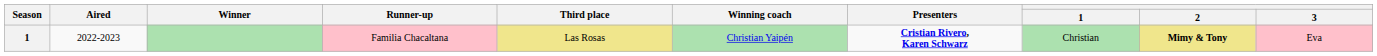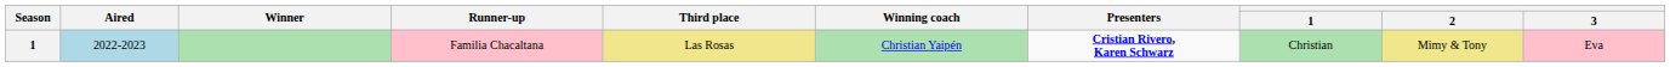 <table class="wikitable" style="text-align:center; font-size:90%; line-height:16px; width:100%">
 <tr>
 <th rowspan="2" scope="col" width="02%">Season</th>
 <th rowspan="2" scope="col" width="05%">Aired</th>
 <th rowspan="2" scope="col" width="09%">Winner</th>
 <th rowspan="2" scope="col" width="09%">Runner-up</th>
 <th rowspan="2" scope="col" width="09%">Third place</th>
 <th rowspan="2" scope="col" width="09%">Winning coach</th>
 <th rowspan="2" scope="col" width="09%">Presenters</th>
 <th colspan="3" scope="col" width="18%"></th>
 </tr>
 <tr>
 <th width="06%">1</th>
 <th width="06%">2</th>
 <th width="06%">3</th>
 </tr>
 <tr>
 <th>1</th>
-<td>2022-2023</td>
+<td style="background: lightblue;">2022-2023</td>
 <td style="background:#ace1af"> </td>
 <td style="background: pink">Familia Chacaltana</td>
 <td style="background: khaki">Las Rosas </td>
 <td style="background:#ace1af"><a href='#'>Christian Yaipén</a></td>
 <td nowrap><strong><a href='#'>Cristian Rivero</a>,<br><a href='#'>Karen Schwarz</a></strong></td>
 <td style="background:#ace1af">Christian</td>
-<td style="background: khaki"><strong>Mimy & Tony</strong></td>
+<td style="background: khaki">Mimy & Tony</td>
 <td style="background: pink">Eva</td>
 </tr>
 </table>
